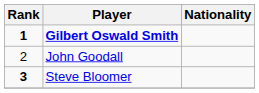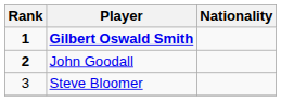 <table class="wikitable">
 <tr>
 <th>Rank</th>
 <th>Player</th>
 <th>Nationality</th>
 </tr>
 <tr>
 <td align="center"><strong>1</strong></td>
 <td><strong><a href='#'> Gilbert Oswald Smith</a></strong></td>
 <td><strong></strong></td>
 </tr>
 <tr>
-<td align="center">2</td>
+<td align="center"><strong>2</strong></td>
 <td><a href='#'>John Goodall</a></td>
 <td></td>
 </tr>
 <tr>
-<td align="center"><strong>3</strong></td>
+<td align="center">3</td>
 <td><a href='#'>Steve Bloomer</a></td>
 <td></td>
 </tr>
 <tr>
 </tr>
 </table>
